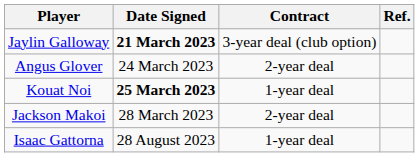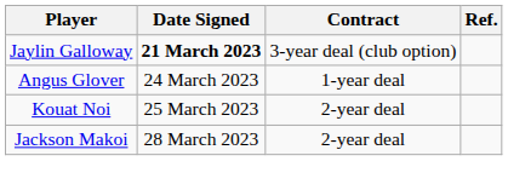 <table class="wikitable sortable sortable" style="text-align: center">
 <tr>
 <th>Player</th>
 <th>Date Signed</th>
 <th>Contract</th>
 <th>Ref.</th>
 </tr>
 <tr>
 <td><a href='#'>Jaylin Galloway</a></td>
 <td><strong>21 March 2023</strong></td>
 <td>3-year deal (club option)</td>
 <td></td>
 </tr>
 <tr>
 <td><a href='#'>Angus Glover</a></td>
 <td>24 March 2023</td>
-<td>2-year deal</td>
+<td>1-year deal</td>
 <td></td>
 </tr>
 <tr>
 <td><a href='#'>Kouat Noi</a></td>
-<td><strong>25 March 2023</strong></td>
-<td>1-year deal</td>
+<td>25 March 2023</td>
+<td>2-year deal</td>
 <td></td>
 </tr>
 <tr>
 <td><a href='#'>Jackson Makoi</a></td>
 <td>28 March 2023</td>
 <td>2-year deal</td>
 <td></td>
 </tr>
-<tr>
-<td><a href='#'>Isaac Gattorna</a></td>
-<td>28 August 2023</td>
-<td>1-year deal</td>
-<td></td>
-</tr>
 </table>
